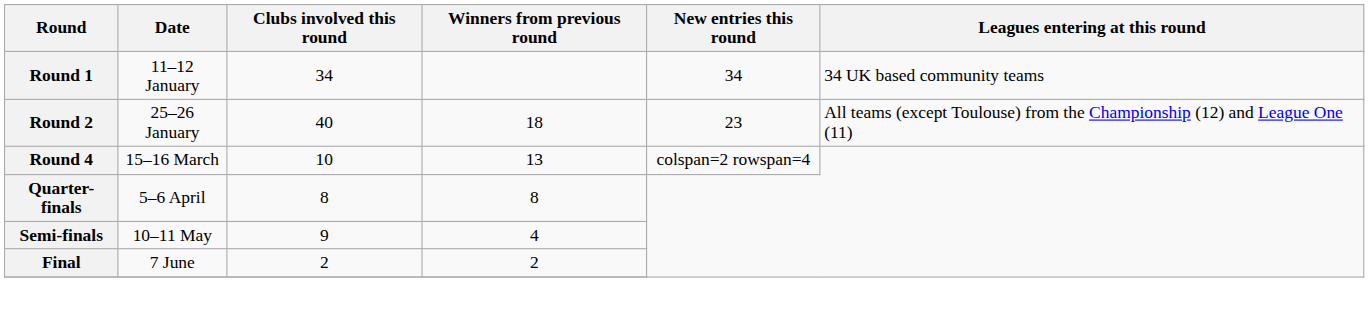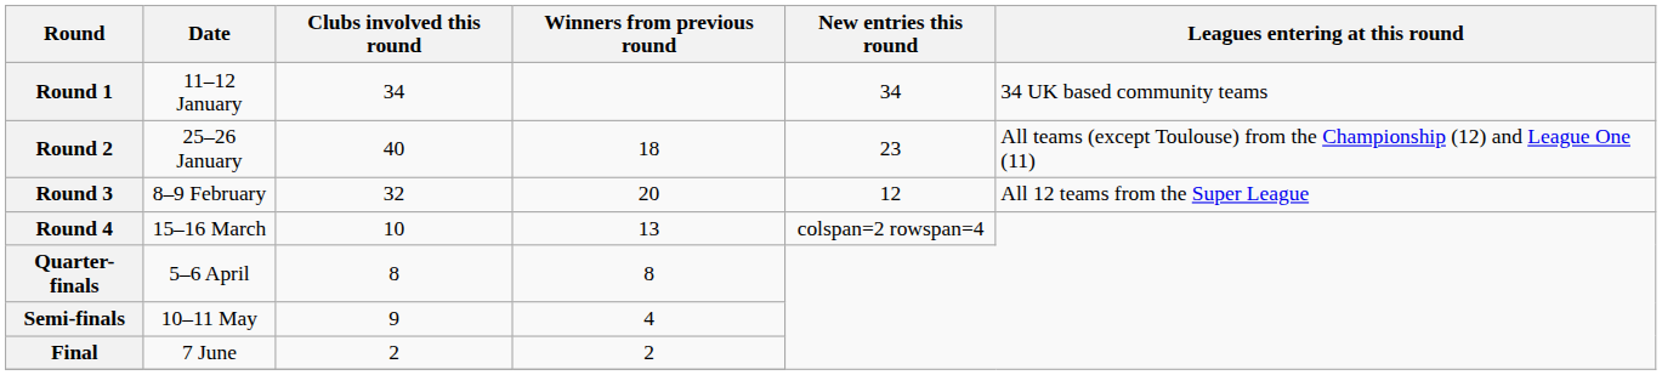 <table class="wikitable plainrowheaders" style="text-align:center;">
 <tr>
 <th scope="col">Round</th>
 <th scope="col">Date</th>
 <th scope="col">Clubs involved this round</th>
 <th scope="col">Winners from previous round</th>
 <th scope="col">New entries this round</th>
 <th scope="col">Leagues entering at this round</th>
 </tr>
 <tr>
 <th scope="row" style="text-align:center;">Round 1</th>
 <td>11–12 January</td>
 <td>34</td>
 <td></td>
 <td>34</td>
 <td style="text-align: left;">34 UK based community teams</td>
 </tr>
 <tr>
 <th scope="row" style="text-align:center;">Round 2</th>
 <td>25–26 January</td>
 <td>40</td>
 <td>18</td>
 <td>23</td>
 <td style="text-align: left;">All teams (except Toulouse) from the <a href='#'>Championship</a> (12) and <a href='#'>League One</a> (11)</td>
+</tr>
+<tr>
+<th scope="row" style="text-align:center;">Round 3</th>
+<td>8–9 February</td>
+<td>32</td>
+<td>20</td>
+<td>12</td>
+<td style="text-align: left;">All 12 teams from the <a href='#'>Super League</a></td>
 </tr>
 <tr>
 <th scope="row" style="text-align:center;">Round 4</th>
 <td>15–16 March</td>
 <td>10</td>
 <td>13</td>
 <td>colspan=2 rowspan=4</td>
 </tr>
 <tr>
 <th scope="row" style="text-align:center;">Quarter-finals</th>
 <td>5–6 April</td>
 <td>8</td>
 <td>8</td>
 </tr>
 <tr>
 <th scope="row" style="text-align:center;">Semi-finals</th>
 <td>10–11 May</td>
 <td>9</td>
 <td>4</td>
 </tr>
 <tr>
 <th scope="row" style="text-align:center;">Final</th>
 <td>7 June</td>
 <td>2</td>
 <td>2</td>
 </tr>
 <tr>
 </tr>
 </table>
